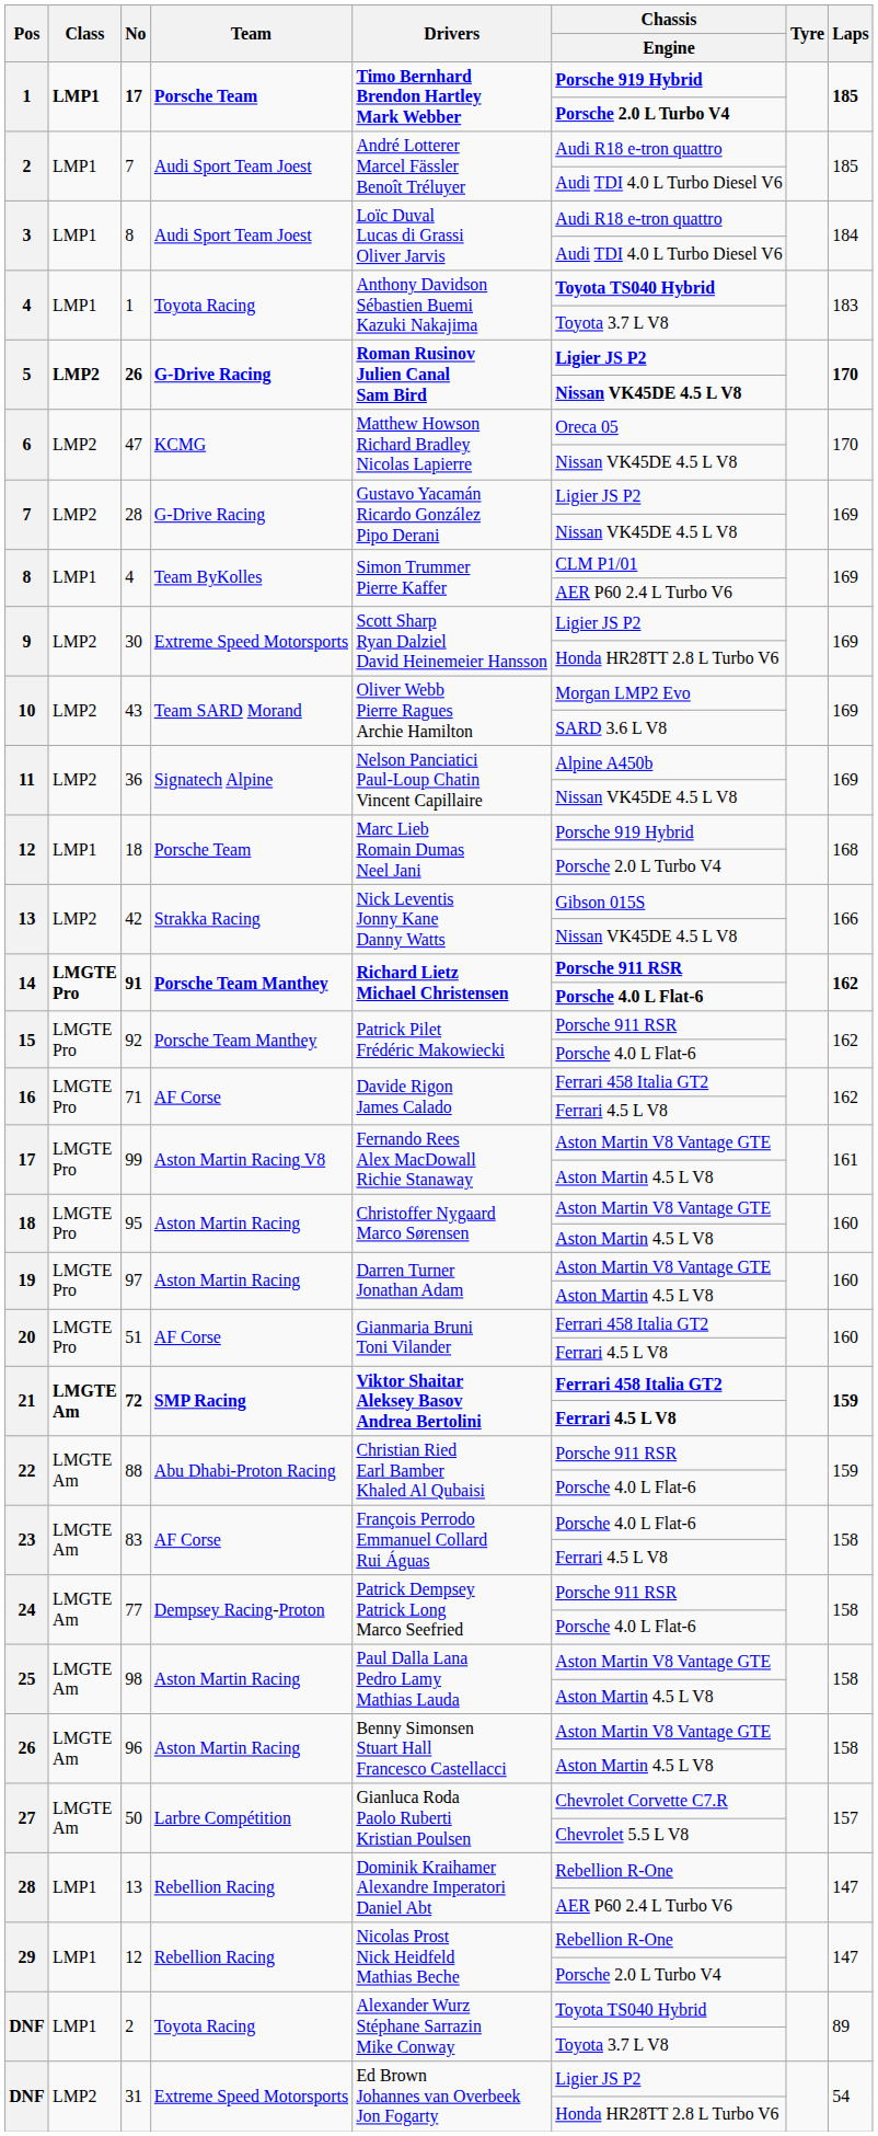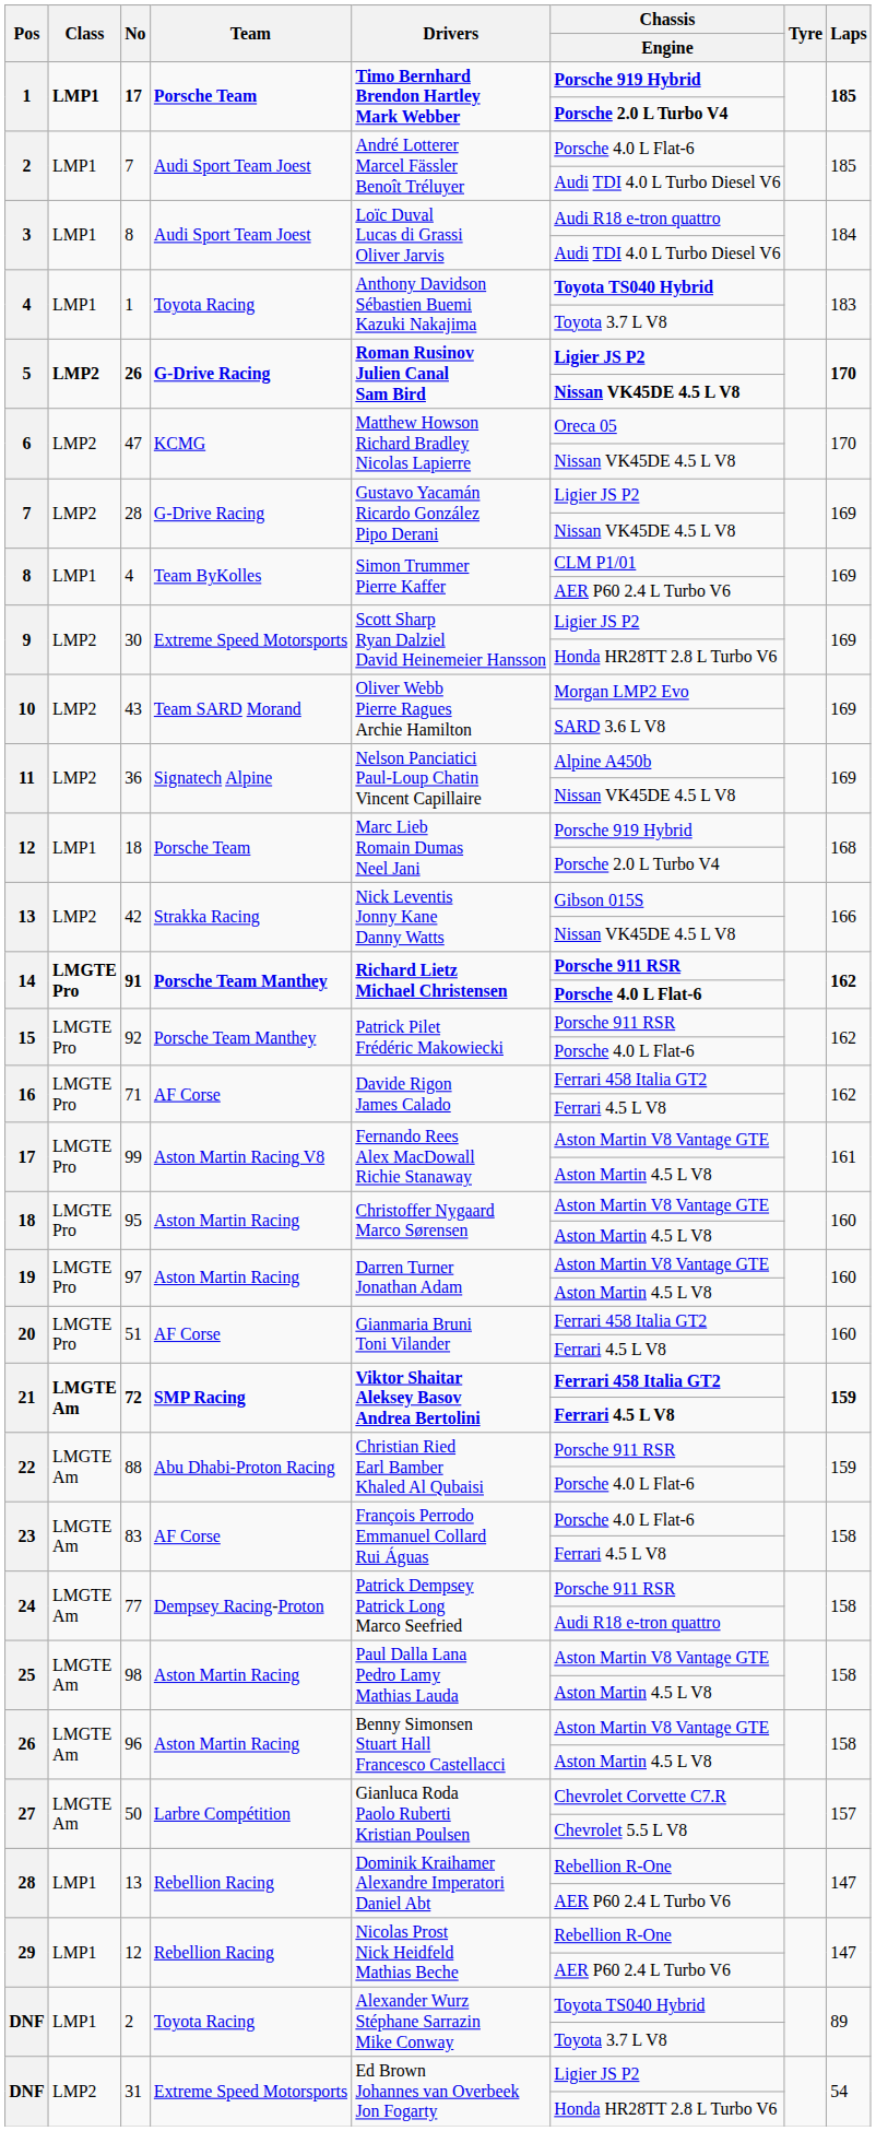 <table class="wikitable" style="font-size: 95%;">
 <tr>
 <th rowspan=2>Pos</th>
 <th rowspan=2>Class</th>
 <th rowspan=2>No</th>
 <th rowspan=2>Team</th>
 <th rowspan=2>Drivers</th>
 <th>Chassis</th>
 <th rowspan=2>Tyre</th>
 <th rowspan=2>Laps</th>
 </tr>
 <tr>
 <th>Engine</th>
 </tr>
 <tr style="font-weight:bold">
 <th rowspan=2>1</th>
 <td rowspan=2>LMP1</td>
 <td rowspan=2>17</td>
 <td rowspan=2> <a href='#'>Porsche Team</a></td>
 <td rowspan=2> <a href='#'>Timo Bernhard</a><br> <a href='#'>Brendon Hartley</a><br> <a href='#'>Mark Webber</a></td>
 <td><a href='#'>Porsche 919 Hybrid</a></td>
 <td rowspan=2></td>
 <td rowspan=2>185</td>
 </tr>
 <tr style="font-weight:bold">
 <td><a href='#'>Porsche</a> 2.0 L Turbo V4</td>
 </tr>
 <tr>
 <th rowspan=2>2</th>
 <td rowspan=2>LMP1</td>
 <td rowspan=2>7</td>
 <td rowspan=2> <a href='#'>Audi Sport Team Joest</a></td>
 <td rowspan=2> <a href='#'>André Lotterer</a><br> <a href='#'>Marcel Fässler</a><br> <a href='#'>Benoît Tréluyer</a></td>
-<td><a href='#'>Audi R18 e-tron quattro</a></td>
+<td><a href='#'>Porsche</a> 4.0 L Flat-6</td>
 <td rowspan=2></td>
 <td rowspan=2>185</td>
 </tr>
 <tr>
 <td><a href='#'>Audi</a> <a href='#'>TDI</a> 4.0 L Turbo Diesel V6</td>
 </tr>
 <tr>
 <th rowspan=2>3</th>
 <td rowspan=2>LMP1</td>
 <td rowspan=2>8</td>
 <td rowspan=2> <a href='#'>Audi Sport Team Joest</a></td>
 <td rowspan=2> <a href='#'>Loïc Duval</a><br> <a href='#'>Lucas di Grassi</a><br> <a href='#'>Oliver Jarvis</a></td>
 <td><a href='#'>Audi R18 e-tron quattro</a></td>
 <td rowspan=2></td>
 <td rowspan=2>184</td>
 </tr>
 <tr>
 <td><a href='#'>Audi</a> <a href='#'>TDI</a> 4.0 L Turbo Diesel V6</td>
 </tr>
 <tr>
 <th rowspan=2>4</th>
 <td rowspan=2>LMP1</td>
 <td rowspan=2>1</td>
 <td rowspan=2> <a href='#'>Toyota Racing</a></td>
 <td rowspan=2> <a href='#'>Anthony Davidson</a><br> <a href='#'>Sébastien Buemi</a><br> <a href='#'>Kazuki Nakajima</a></td>
 <td><strong><a href='#'>Toyota TS040 Hybrid</a></strong></td>
 <td rowspan=2></td>
 <td rowspan=2>183</td>
 </tr>
 <tr>
 <td><a href='#'>Toyota</a> 3.7 L V8</td>
 </tr>
 <tr style="font-weight:bold">
 <th rowspan=2>5</th>
 <td rowspan=2>LMP2</td>
 <td rowspan=2>26</td>
 <td rowspan=2> <a href='#'>G-Drive Racing</a></td>
 <td rowspan=2> <a href='#'>Roman Rusinov</a><br> <a href='#'>Julien Canal</a><br> <a href='#'>Sam Bird</a></td>
 <td><a href='#'>Ligier JS P2</a></td>
 <td rowspan=2></td>
 <td rowspan=2>170</td>
 </tr>
 <tr style="font-weight:bold">
 <td><a href='#'>Nissan</a> VK45DE 4.5 L V8</td>
 </tr>
 <tr>
 <th rowspan=2>6</th>
 <td rowspan=2>LMP2</td>
 <td rowspan=2>47</td>
 <td rowspan=2> <a href='#'>KCMG</a></td>
 <td rowspan=2> <a href='#'>Matthew Howson</a><br> <a href='#'>Richard Bradley</a><br> <a href='#'>Nicolas Lapierre</a></td>
 <td><a href='#'>Oreca 05</a></td>
 <td rowspan=2></td>
 <td rowspan=2>170</td>
 </tr>
 <tr>
 <td><a href='#'>Nissan</a> VK45DE 4.5 L V8</td>
 </tr>
 <tr>
 <th rowspan=2>7</th>
 <td rowspan=2>LMP2</td>
 <td rowspan=2>28</td>
 <td rowspan=2> <a href='#'>G-Drive Racing</a></td>
 <td rowspan=2> <a href='#'>Gustavo Yacamán</a><br> <a href='#'>Ricardo González</a><br> <a href='#'>Pipo Derani</a></td>
 <td><a href='#'>Ligier JS P2</a></td>
 <td rowspan=2></td>
 <td rowspan=2>169</td>
 </tr>
 <tr>
 <td><a href='#'>Nissan</a> VK45DE 4.5 L V8</td>
 </tr>
 <tr>
 <th rowspan=2>8</th>
 <td rowspan=2>LMP1</td>
 <td rowspan=2>4</td>
 <td rowspan=2> <a href='#'>Team ByKolles</a></td>
 <td rowspan=2> <a href='#'>Simon Trummer</a><br> <a href='#'>Pierre Kaffer</a></td>
 <td><a href='#'>CLM P1/01</a></td>
 <td rowspan=2></td>
 <td rowspan=2>169</td>
 </tr>
 <tr>
 <td><a href='#'>AER</a> P60 2.4 L Turbo V6</td>
 </tr>
 <tr>
 <th rowspan=2>9</th>
 <td rowspan=2>LMP2</td>
 <td rowspan=2>30</td>
 <td rowspan=2> <a href='#'>Extreme Speed Motorsports</a></td>
 <td rowspan=2> <a href='#'>Scott Sharp</a><br> <a href='#'>Ryan Dalziel</a><br> <a href='#'>David Heinemeier Hansson</a></td>
 <td><a href='#'>Ligier JS P2</a></td>
 <td rowspan=2></td>
 <td rowspan=2>169</td>
 </tr>
 <tr>
 <td><a href='#'>Honda</a> HR28TT 2.8 L Turbo V6</td>
 </tr>
 <tr>
 <th rowspan=2>10</th>
 <td rowspan=2>LMP2</td>
 <td rowspan=2>43</td>
 <td rowspan=2> <a href='#'>Team SARD</a> <a href='#'>Morand</a></td>
 <td rowspan=2> <a href='#'>Oliver Webb</a><br> <a href='#'>Pierre Ragues</a><br> Archie Hamilton</td>
 <td><a href='#'>Morgan LMP2 Evo</a></td>
 <td rowspan=2></td>
 <td rowspan=2>169</td>
 </tr>
 <tr>
 <td><a href='#'>SARD</a> 3.6 L V8</td>
 </tr>
 <tr>
 <th rowspan=2>11</th>
 <td rowspan=2>LMP2</td>
 <td rowspan=2>36</td>
 <td rowspan=2> <a href='#'>Signatech</a> <a href='#'>Alpine</a></td>
 <td rowspan=2> <a href='#'>Nelson Panciatici</a><br> <a href='#'>Paul-Loup Chatin</a><br> Vincent Capillaire</td>
 <td><a href='#'>Alpine A450b</a></td>
 <td rowspan=2></td>
 <td rowspan=2>169</td>
 </tr>
 <tr>
 <td><a href='#'>Nissan</a> VK45DE 4.5 L V8</td>
 </tr>
 <tr>
 <th rowspan=2>12</th>
 <td rowspan=2>LMP1</td>
 <td rowspan=2>18</td>
 <td rowspan=2> <a href='#'>Porsche Team</a></td>
 <td rowspan=2> <a href='#'>Marc Lieb</a><br> <a href='#'>Romain Dumas</a><br> <a href='#'>Neel Jani</a></td>
 <td><a href='#'>Porsche 919 Hybrid</a></td>
 <td rowspan=2></td>
 <td rowspan=2>168</td>
 </tr>
 <tr>
 <td><a href='#'>Porsche</a> 2.0 L Turbo V4</td>
 </tr>
 <tr>
 <th rowspan=2>13</th>
 <td rowspan=2>LMP2</td>
 <td rowspan=2>42</td>
 <td rowspan=2> <a href='#'>Strakka Racing</a></td>
 <td rowspan=2> <a href='#'>Nick Leventis</a><br> <a href='#'>Jonny Kane</a><br> <a href='#'>Danny Watts</a></td>
 <td><a href='#'>Gibson 015S</a></td>
 <td rowspan=2></td>
 <td rowspan=2>166</td>
 </tr>
 <tr>
 <td><a href='#'>Nissan</a> VK45DE 4.5 L V8</td>
 </tr>
 <tr style="font-weight:bold">
 <th rowspan=2>14</th>
 <td rowspan=2>LMGTE<br>Pro</td>
 <td rowspan=2>91</td>
 <td rowspan=2> <a href='#'>Porsche Team Manthey</a></td>
 <td rowspan=2> <a href='#'>Richard Lietz</a><br> <a href='#'>Michael Christensen</a></td>
 <td><a href='#'>Porsche 911 RSR</a></td>
 <td rowspan=2></td>
 <td rowspan=2>162</td>
 </tr>
 <tr style="font-weight:bold">
 <td><a href='#'>Porsche</a> 4.0 L Flat-6</td>
 </tr>
 <tr>
 <th rowspan=2>15</th>
 <td rowspan=2>LMGTE<br>Pro</td>
 <td rowspan=2>92</td>
 <td rowspan=2> <a href='#'>Porsche Team Manthey</a></td>
 <td rowspan=2> <a href='#'>Patrick Pilet</a><br> <a href='#'>Frédéric Makowiecki</a></td>
 <td><a href='#'>Porsche 911 RSR</a></td>
 <td rowspan=2></td>
 <td rowspan=2>162</td>
 </tr>
 <tr>
 <td><a href='#'>Porsche</a> 4.0 L Flat-6</td>
 </tr>
 <tr>
 <th rowspan=2>16</th>
 <td rowspan=2>LMGTE<br>Pro</td>
 <td rowspan=2>71</td>
 <td rowspan=2> <a href='#'>AF Corse</a></td>
 <td rowspan=2> <a href='#'>Davide Rigon</a><br> <a href='#'>James Calado</a></td>
 <td><a href='#'>Ferrari 458 Italia GT2</a></td>
 <td rowspan=2></td>
 <td rowspan=2>162</td>
 </tr>
 <tr>
 <td><a href='#'>Ferrari</a> 4.5 L V8</td>
 </tr>
 <tr>
 <th rowspan=2>17</th>
 <td rowspan=2>LMGTE<br>Pro</td>
 <td rowspan=2>99</td>
 <td rowspan=2> <a href='#'>Aston Martin Racing V8</a></td>
 <td rowspan=2> <a href='#'>Fernando Rees</a><br> <a href='#'>Alex MacDowall</a><br> <a href='#'>Richie Stanaway</a></td>
 <td><a href='#'>Aston Martin V8 Vantage GTE</a></td>
 <td rowspan=2></td>
 <td rowspan=2>161</td>
 </tr>
 <tr>
 <td><a href='#'>Aston Martin</a> 4.5 L V8</td>
 </tr>
 <tr>
 <th rowspan=2>18</th>
 <td rowspan=2>LMGTE<br>Pro</td>
 <td rowspan=2>95</td>
 <td rowspan=2> <a href='#'>Aston Martin Racing</a></td>
 <td rowspan=2> <a href='#'>Christoffer Nygaard</a><br> <a href='#'>Marco Sørensen</a></td>
 <td><a href='#'>Aston Martin V8 Vantage GTE</a></td>
 <td rowspan=2></td>
 <td rowspan=2>160</td>
 </tr>
 <tr>
 <td><a href='#'>Aston Martin</a> 4.5 L V8</td>
 </tr>
 <tr>
 <th rowspan=2>19</th>
 <td rowspan=2>LMGTE<br>Pro</td>
 <td rowspan=2>97</td>
 <td rowspan=2> <a href='#'>Aston Martin Racing</a></td>
 <td rowspan=2> <a href='#'>Darren Turner</a><br> <a href='#'>Jonathan Adam</a></td>
 <td><a href='#'>Aston Martin V8 Vantage GTE</a></td>
 <td rowspan=2></td>
 <td rowspan=2>160</td>
 </tr>
 <tr>
 <td><a href='#'>Aston Martin</a> 4.5 L V8</td>
 </tr>
 <tr>
 <th rowspan=2>20</th>
 <td rowspan=2>LMGTE<br>Pro</td>
 <td rowspan=2>51</td>
 <td rowspan=2> <a href='#'>AF Corse</a></td>
 <td rowspan=2> <a href='#'>Gianmaria Bruni</a><br> <a href='#'>Toni Vilander</a></td>
 <td><a href='#'>Ferrari 458 Italia GT2</a></td>
 <td rowspan=2></td>
 <td rowspan=2>160</td>
 </tr>
 <tr>
 <td><a href='#'>Ferrari</a> 4.5 L V8</td>
 </tr>
 <tr style="font-weight:bold">
 <th rowspan=2>21</th>
 <td rowspan=2>LMGTE<br>Am</td>
 <td rowspan=2>72</td>
 <td rowspan=2> <a href='#'>SMP Racing</a></td>
 <td rowspan=2> <a href='#'>Viktor Shaitar</a><br> <a href='#'>Aleksey Basov</a><br> <a href='#'>Andrea Bertolini</a></td>
 <td><a href='#'>Ferrari 458 Italia GT2</a></td>
 <td rowspan=2></td>
 <td rowspan=2>159</td>
 </tr>
 <tr style="font-weight:bold">
 <td><a href='#'>Ferrari</a> 4.5 L V8</td>
 </tr>
 <tr>
 <th rowspan=2>22</th>
 <td rowspan=2>LMGTE<br>Am</td>
 <td rowspan=2>88</td>
 <td rowspan=2> <a href='#'>Abu Dhabi-Proton Racing</a></td>
 <td rowspan=2> <a href='#'>Christian Ried</a><br> <a href='#'>Earl Bamber</a><br> <a href='#'>Khaled Al Qubaisi</a></td>
 <td><a href='#'>Porsche 911 RSR</a></td>
 <td rowspan=2></td>
 <td rowspan=2>159</td>
 </tr>
 <tr>
 <td><a href='#'>Porsche</a> 4.0 L Flat-6</td>
 </tr>
 <tr>
 <th rowspan=2>23</th>
 <td rowspan=2>LMGTE<br>Am</td>
 <td rowspan=2>83</td>
 <td rowspan=2> <a href='#'>AF Corse</a></td>
 <td rowspan=2> <a href='#'>François Perrodo</a><br> <a href='#'>Emmanuel Collard</a><br> <a href='#'>Rui Águas</a></td>
 <td><a href='#'>Porsche</a> 4.0 L Flat-6</td>
 <td rowspan=2></td>
 <td rowspan=2>158</td>
 </tr>
 <tr>
 <td><a href='#'>Ferrari</a> 4.5 L V8</td>
 </tr>
 <tr>
 <th rowspan=2>24</th>
 <td rowspan=2>LMGTE<br>Am</td>
 <td rowspan=2>77</td>
 <td rowspan=2> <a href='#'>Dempsey Racing</a>-<a href='#'>Proton</a></td>
 <td rowspan=2> <a href='#'>Patrick Dempsey</a><br> <a href='#'>Patrick Long</a><br> Marco Seefried</td>
 <td><a href='#'>Porsche 911 RSR</a></td>
 <td rowspan=2></td>
 <td rowspan=2>158</td>
 </tr>
 <tr>
-<td><a href='#'>Porsche</a> 4.0 L Flat-6</td>
+<td><a href='#'>Audi R18 e-tron quattro</a></td>
 </tr>
 <tr>
 <th rowspan=2>25</th>
 <td rowspan=2>LMGTE<br>Am</td>
 <td rowspan=2>98</td>
 <td rowspan=2> <a href='#'>Aston Martin Racing</a></td>
 <td rowspan=2> <a href='#'>Paul Dalla Lana</a><br> <a href='#'>Pedro Lamy</a><br> <a href='#'>Mathias Lauda</a></td>
 <td><a href='#'>Aston Martin V8 Vantage GTE</a></td>
 <td rowspan=2></td>
 <td rowspan=2>158</td>
 </tr>
 <tr>
 <td><a href='#'>Aston Martin</a> 4.5 L V8</td>
 </tr>
 <tr>
 <th rowspan=2>26</th>
 <td rowspan=2>LMGTE<br>Am</td>
 <td rowspan=2>96</td>
 <td rowspan=2> <a href='#'>Aston Martin Racing</a></td>
 <td rowspan=2> Benny Simonsen<br> <a href='#'>Stuart Hall</a><br> <a href='#'>Francesco Castellacci</a></td>
 <td><a href='#'>Aston Martin V8 Vantage GTE</a></td>
 <td rowspan=2></td>
 <td rowspan=2>158</td>
 </tr>
 <tr>
 <td><a href='#'>Aston Martin</a> 4.5 L V8</td>
 </tr>
 <tr>
 <th rowspan=2>27</th>
 <td rowspan=2>LMGTE<br>Am</td>
 <td rowspan=2>50</td>
 <td rowspan=2> <a href='#'>Larbre Compétition</a></td>
 <td rowspan=2> Gianluca Roda<br> <a href='#'>Paolo Ruberti</a><br> <a href='#'>Kristian Poulsen</a></td>
 <td><a href='#'>Chevrolet Corvette C7.R</a></td>
 <td rowspan=2></td>
 <td rowspan=2>157</td>
 </tr>
 <tr>
 <td><a href='#'>Chevrolet</a> 5.5 L V8</td>
 </tr>
 <tr>
 <th rowspan=2>28</th>
 <td rowspan=2>LMP1</td>
 <td rowspan=2>13</td>
 <td rowspan=2> <a href='#'>Rebellion Racing</a></td>
 <td rowspan=2> <a href='#'>Dominik Kraihamer</a><br> <a href='#'>Alexandre Imperatori</a><br> <a href='#'>Daniel Abt</a></td>
 <td><a href='#'>Rebellion R-One</a></td>
 <td rowspan=2></td>
 <td rowspan=2>147</td>
 </tr>
 <tr>
 <td><a href='#'>AER</a> P60 2.4 L Turbo V6</td>
 </tr>
 <tr>
 <th rowspan=2>29</th>
 <td rowspan=2>LMP1</td>
 <td rowspan=2>12</td>
 <td rowspan=2> <a href='#'>Rebellion Racing</a></td>
 <td rowspan=2> <a href='#'>Nicolas Prost</a><br> <a href='#'>Nick Heidfeld</a><br> <a href='#'>Mathias Beche</a></td>
 <td><a href='#'>Rebellion R-One</a></td>
 <td rowspan=2></td>
 <td rowspan=2>147</td>
 </tr>
 <tr>
-<td><a href='#'>Porsche</a> 2.0 L Turbo V4</td>
+<td><a href='#'>AER</a> P60 2.4 L Turbo V6</td>
 </tr>
 <tr>
 <th rowspan=2>DNF</th>
 <td rowspan=2>LMP1</td>
 <td rowspan=2>2</td>
 <td rowspan=2> <a href='#'>Toyota Racing</a></td>
 <td rowspan=2> <a href='#'>Alexander Wurz</a><br> <a href='#'>Stéphane Sarrazin</a><br> <a href='#'>Mike Conway</a></td>
 <td><a href='#'>Toyota TS040 Hybrid</a></td>
 <td rowspan=2></td>
 <td rowspan=2>89</td>
 </tr>
 <tr>
 <td><a href='#'>Toyota</a> 3.7 L V8</td>
 </tr>
 <tr>
 <th rowspan=2>DNF</th>
 <td rowspan=2>LMP2</td>
 <td rowspan=2>31</td>
 <td rowspan=2> <a href='#'>Extreme Speed Motorsports</a></td>
 <td rowspan=2> Ed Brown<br> <a href='#'>Johannes van Overbeek</a><br> <a href='#'>Jon Fogarty</a></td>
 <td><a href='#'>Ligier JS P2</a></td>
 <td rowspan=2></td>
 <td rowspan=2>54</td>
 </tr>
 <tr>
 <td><a href='#'>Honda</a> HR28TT 2.8 L Turbo V6</td>
 </tr>
 </table>
